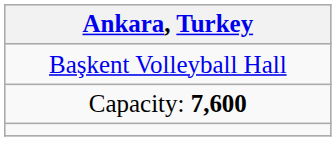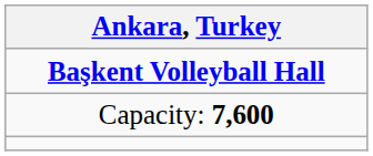 <table class=wikitable style=text-align:center width=210>
 <tr>
 <th> <a href='#'>Ankara</a>, <a href='#'>Turkey</a></th>
 </tr>
 <tr>
-<td><a href='#'>Başkent Volleyball Hall</a></td>
+<td><strong><a href='#'>Başkent Volleyball Hall</a></strong></td>
 </tr>
 <tr>
 <td>Capacity: <strong>7,600</strong></td>
 </tr>
 <tr>
 <td></td>
 </tr>
 </table>
